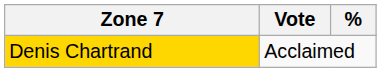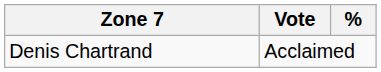 <table class="wikitable">
 <tr>
 <th bgcolor="#DDDDFF" width="200px">Zone 7</th>
 <th bgcolor="#DDDDFF" width="50px">Vote</th>
 <th bgcolor="#DDDDFF" width="30px">%</th>
 </tr>
 <tr>
-<td style="background: gold;">Denis Chartrand</td>
+<td>Denis Chartrand</td>
 <td colspan="2">Acclaimed</td>
 </tr>
 </table>
